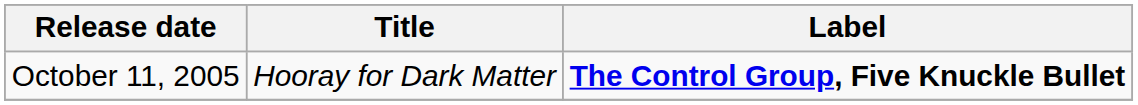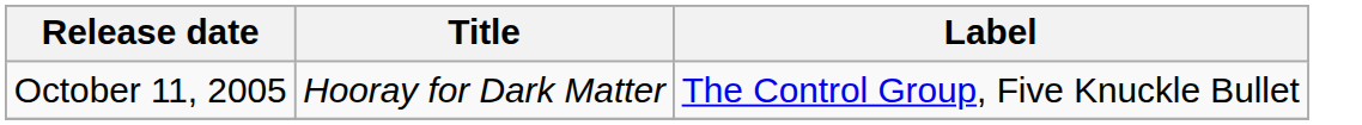 <table class="wikitable">
 <tr>
 <th>Release date</th>
 <th>Title</th>
 <th>Label</th>
 </tr>
 <tr>
 <td>October 11, 2005</td>
 <td><em>Hooray for Dark Matter</em></td>
-<td><strong><a href='#'>The Control Group</a>, Five Knuckle Bullet</strong></td>
+<td><a href='#'>The Control Group</a>, Five Knuckle Bullet</td>
 </tr>
 <tr>
 </tr>
 </table>
